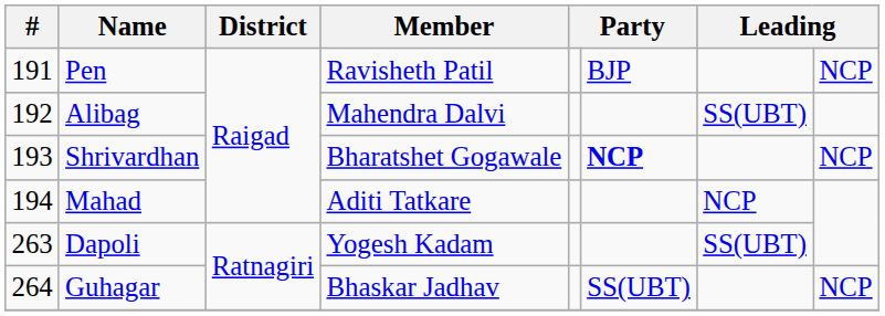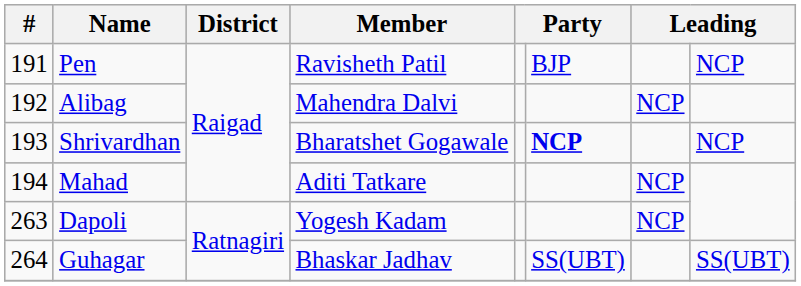 <table class="wikitable">
 <tr>
 <th>#</th>
 <th>Name</th>
 <th>District</th>
 <th>Member</th>
 <th colspan="2">Party</th>
 <th colspan=2>Leading<br></th>
 </tr>
 <tr>
 <td>191</td>
 <td><a href='#'>Pen</a></td>
 <td rowspan="4"><a href='#'>Raigad</a></td>
 <td><a href='#'>Ravisheth Patil</a></td>
 <td></td>
 <td><a href='#'>BJP</a></td>
 <td></td>
 <td><a href='#'>NCP</a></td>
 </tr>
 <tr>
 <td>192</td>
 <td><a href='#'>Alibag</a></td>
 <td><a href='#'>Mahendra Dalvi</a></td>
 <td></td>
 <td></td>
-<td><a href='#'>SS(UBT)</a></td>
+<td><a href='#'>NCP</a></td>
 </tr>
 <tr>
 <td>193</td>
 <td><a href='#'>Shrivardhan</a></td>
 <td><a href='#'>Bharatshet Gogawale</a></td>
 <td></td>
 <td><strong><a href='#'>NCP</a></strong></td>
 <td></td>
 <td><a href='#'>NCP</a></td>
 </tr>
 <tr>
 <td>194</td>
 <td><a href='#'>Mahad</a></td>
 <td><a href='#'>Aditi Tatkare</a></td>
 <td></td>
 <td></td>
 <td><a href='#'>NCP</a></td>
 </tr>
 <tr>
 <td>263</td>
 <td><a href='#'>Dapoli</a></td>
 <td rowspan="2"><a href='#'>Ratnagiri</a></td>
 <td><a href='#'>Yogesh Kadam</a></td>
 <td></td>
 <td></td>
-<td><a href='#'>SS(UBT)</a></td>
+<td><a href='#'>NCP</a></td>
 </tr>
 <tr>
 <td>264</td>
 <td><a href='#'>Guhagar</a></td>
 <td><a href='#'>Bhaskar Jadhav</a></td>
 <td></td>
 <td><a href='#'>SS(UBT)</a></td>
 <td></td>
-<td><a href='#'>NCP</a></td>
+<td><a href='#'>SS(UBT)</a></td>
 </tr>
 <tr>
 </tr>
 </table>
